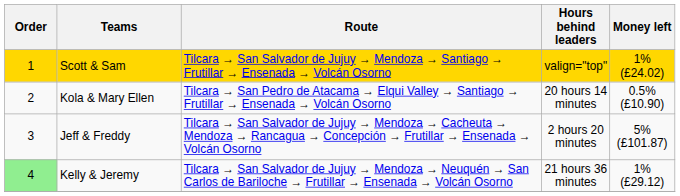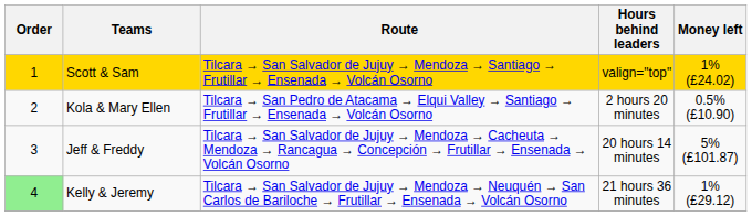 <table class="wikitable sortable" style="text-align:center">
 <tr>
 <th style="width:4em">Order</th>
 <th style="width:10em">Teams</th>
 <th style="width:30em">Route</th>
 <th style="width:5em">Hours behind leaders</th>
 <th style="width:5em">Money left</th>
 </tr>
 <tr style="background:gold">
 <td>1</td>
 <td style="text-align:left">Scott & Sam</td>
 <td style="text-align:left"><a href='#'>Tilcara</a>  → <a href='#'>San Salvador de Jujuy</a>  → <a href='#'>Mendoza</a>  → <a href='#'>Santiago</a>  → <a href='#'>Frutillar</a>  → <a href='#'>Ensenada</a>  → <a href='#'>Volcán Osorno</a></td>
 <td>valign="top" </td>
 <td>1% <br>(£24.02)</td>
 </tr>
 <tr>
 <td>2</td>
 <td style="text-align:left">Kola & Mary Ellen</td>
 <td style="text-align:left"><a href='#'>Tilcara</a>  → <a href='#'>San Pedro de Atacama</a> → <a href='#'>Elqui Valley</a>  → <a href='#'>Santiago</a>  → <a href='#'>Frutillar</a>  → <a href='#'>Ensenada</a>  → <a href='#'>Volcán Osorno</a></td>
-<td>20 hours 14 minutes</td>
+<td>2 hours 20 minutes</td>
 <td>0.5% <br>(£10.90)</td>
 </tr>
 <tr>
 <td>3</td>
 <td style="text-align:left">Jeff & Freddy</td>
 <td style="text-align:left"><a href='#'>Tilcara</a>  → <a href='#'>San Salvador de Jujuy</a>  → <a href='#'>Mendoza</a> → <a href='#'>Cacheuta</a>  → <a href='#'>Mendoza</a>  → <a href='#'>Rancagua</a>  → <a href='#'>Concepción</a> → <a href='#'>Frutillar</a> → <a href='#'>Ensenada</a> → <a href='#'>Volcán Osorno</a></td>
-<td>2 hours 20 minutes</td>
+<td>20 hours 14 minutes</td>
 <td>5% <br>(£101.87)</td>
 </tr>
 <tr>
 <td style="background: lightgreen;">4</td>
 <td style="text-align:left">Kelly & Jeremy</td>
 <td style="text-align:left"><a href='#'>Tilcara</a>  → <a href='#'>San Salvador de Jujuy</a>  → <a href='#'>Mendoza</a>  → <a href='#'>Neuquén</a>  → <a href='#'>San Carlos de Bariloche</a>  → <a href='#'>Frutillar</a> → <a href='#'>Ensenada</a> → <a href='#'>Volcán Osorno</a></td>
 <td>21 hours 36 minutes</td>
 <td>1% <br>(£29.12)</td>
 </tr>
 <tr>
 </tr>
 </table>
